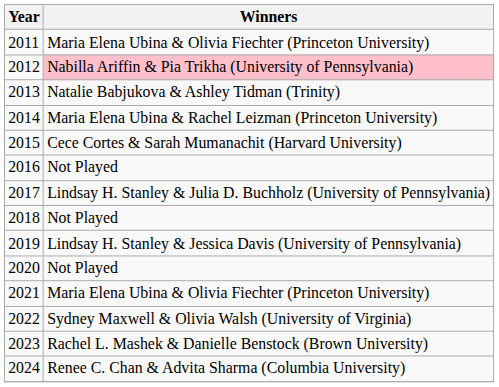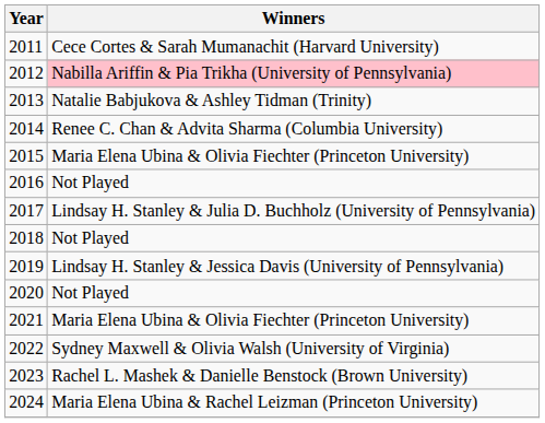 <table class="wikitable">
 <tr>
 <th>Year</th>
 <th>Winners</th>
 </tr>
 <tr>
 <td>2011</td>
-<td>Maria Elena Ubina & Olivia Fiechter (Princeton University)</td>
+<td>Cece Cortes & Sarah Mumanachit (Harvard University)</td>
 </tr>
 <tr>
 <td>2012</td>
 <td style="background: pink;">Nabilla Ariffin & Pia Trikha (University of Pennsylvania)</td>
 </tr>
 <tr>
 <td>2013</td>
 <td>Natalie Babjukova & Ashley Tidman (Trinity)</td>
 </tr>
 <tr>
 <td>2014</td>
-<td>Maria Elena Ubina & Rachel Leizman (Princeton University)</td>
+<td>Renee C. Chan & Advita Sharma (Columbia University)</td>
 </tr>
 <tr>
 <td>2015</td>
-<td>Cece Cortes & Sarah Mumanachit (Harvard University)</td>
+<td>Maria Elena Ubina & Olivia Fiechter (Princeton University)</td>
 </tr>
 <tr>
 <td>2016</td>
 <td>Not Played</td>
 </tr>
 <tr>
 <td>2017</td>
 <td>Lindsay H. Stanley & Julia D. Buchholz (University of Pennsylvania)</td>
 </tr>
 <tr>
 <td>2018</td>
 <td>Not Played</td>
 </tr>
 <tr>
 <td>2019</td>
 <td>Lindsay H. Stanley & Jessica Davis (University of Pennsylvania)</td>
 </tr>
 <tr>
 <td>2020</td>
 <td>Not Played</td>
 </tr>
 <tr>
 <td>2021</td>
 <td>Maria Elena Ubina & Olivia Fiechter (Princeton University)</td>
 </tr>
 <tr>
 <td>2022</td>
 <td>Sydney Maxwell & Olivia Walsh (University of Virginia)</td>
 </tr>
 <tr>
 <td>2023</td>
 <td>Rachel L. Mashek & Danielle Benstock (Brown University)</td>
 </tr>
 <tr>
 <td>2024</td>
-<td>Renee C. Chan & Advita Sharma (Columbia University)</td>
+<td>Maria Elena Ubina & Rachel Leizman (Princeton University)</td>
 </tr>
 <tr>
 </tr>
 </table>
